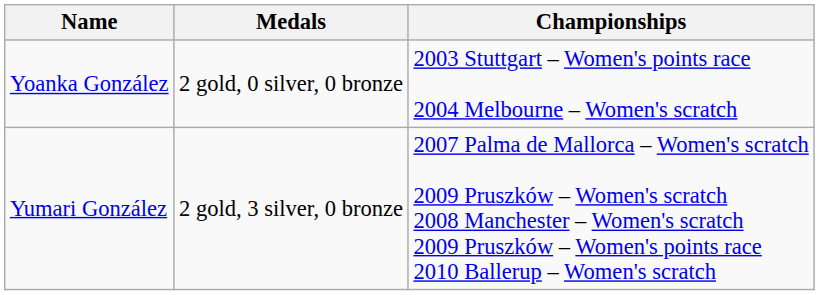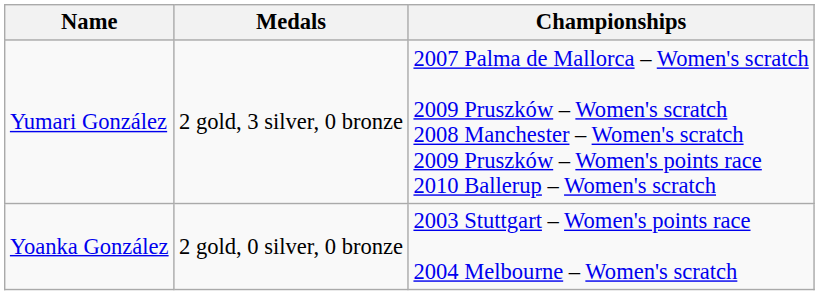 <table class="wikitable">
 <tr>
 <th>Name</th>
 <th>Medals</th>
 <th>Championships</th>
 </tr>
 <tr>
+<td><a href='#'>Yumari González</a></td>
+<td>2 gold, 3 silver, 0 bronze</td>
+<td> <a href='#'>2007 Palma de Mallorca</a> – <a href='#'>Women's scratch</a><br><br> <a href='#'>2009 Pruszków</a> – <a href='#'>Women's scratch</a><br>   <a href='#'>2008 Manchester</a> – <a href='#'>Women's scratch</a><br>  <a href='#'>2009 Pruszków</a> – <a href='#'>Women's points race</a><br>  <a href='#'>2010 Ballerup</a> – <a href='#'>Women's scratch</a></td>
+</tr>
+<tr>
 <td><a href='#'>Yoanka González</a></td>
 <td>2 gold, 0 silver, 0 bronze</td>
 <td> <a href='#'>2003 Stuttgart</a> – <a href='#'>Women's points race</a><br><br> <a href='#'>2004 Melbourne</a> – <a href='#'>Women's scratch</a></td>
 </tr>
-<tr>
-<td><a href='#'>Yumari González</a></td>
-<td>2 gold, 3 silver, 0 bronze</td>
-<td> <a href='#'>2007 Palma de Mallorca</a> – <a href='#'>Women's scratch</a><br><br> <a href='#'>2009 Pruszków</a> – <a href='#'>Women's scratch</a><br>   <a href='#'>2008 Manchester</a> – <a href='#'>Women's scratch</a><br>  <a href='#'>2009 Pruszków</a> – <a href='#'>Women's points race</a><br>  <a href='#'>2010 Ballerup</a> – <a href='#'>Women's scratch</a></td>
-</tr>
 </table>
